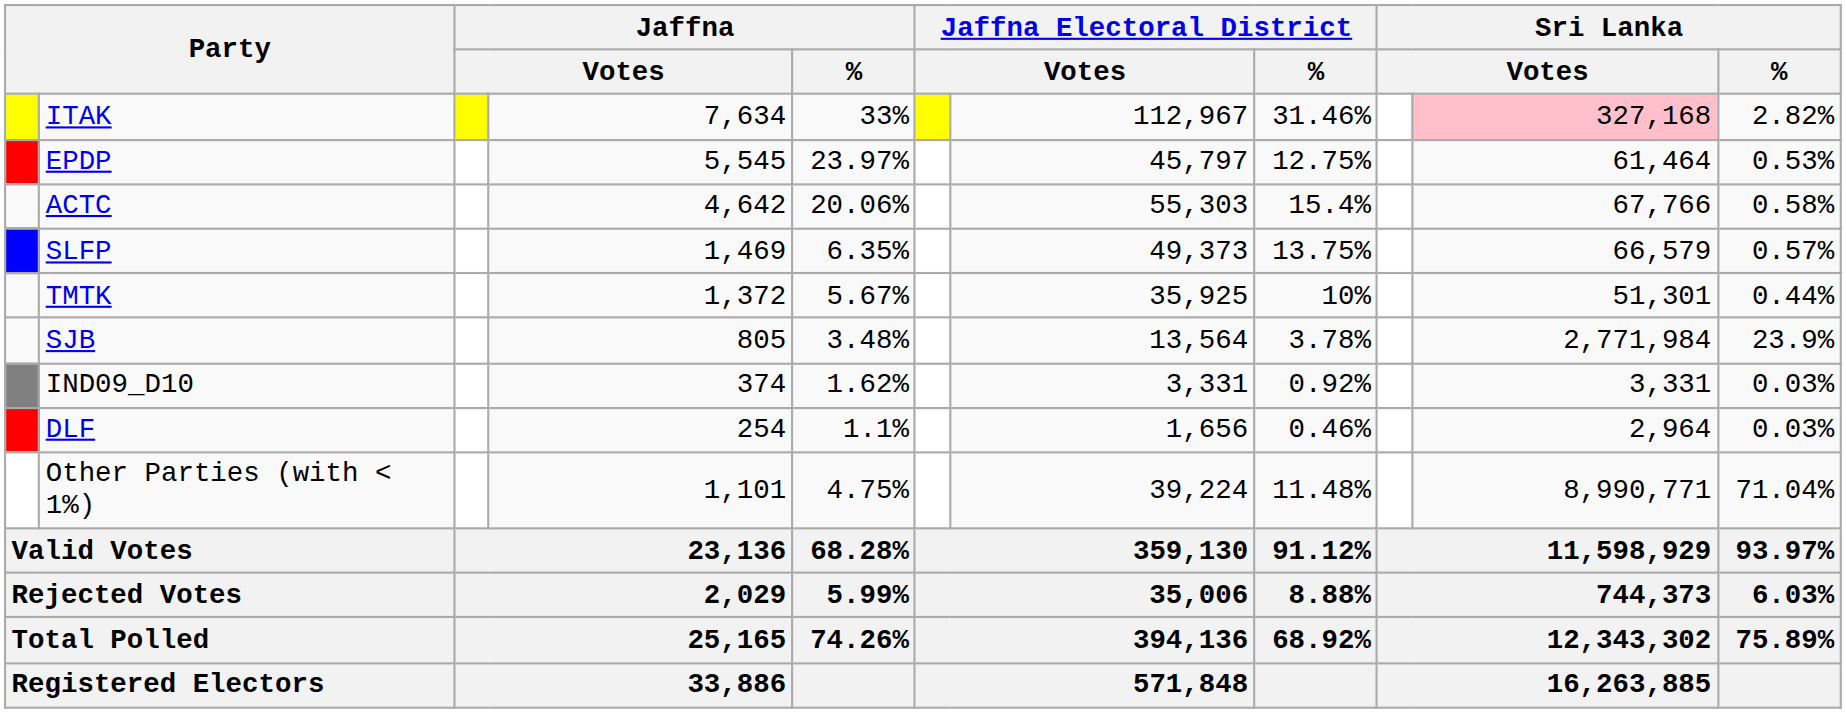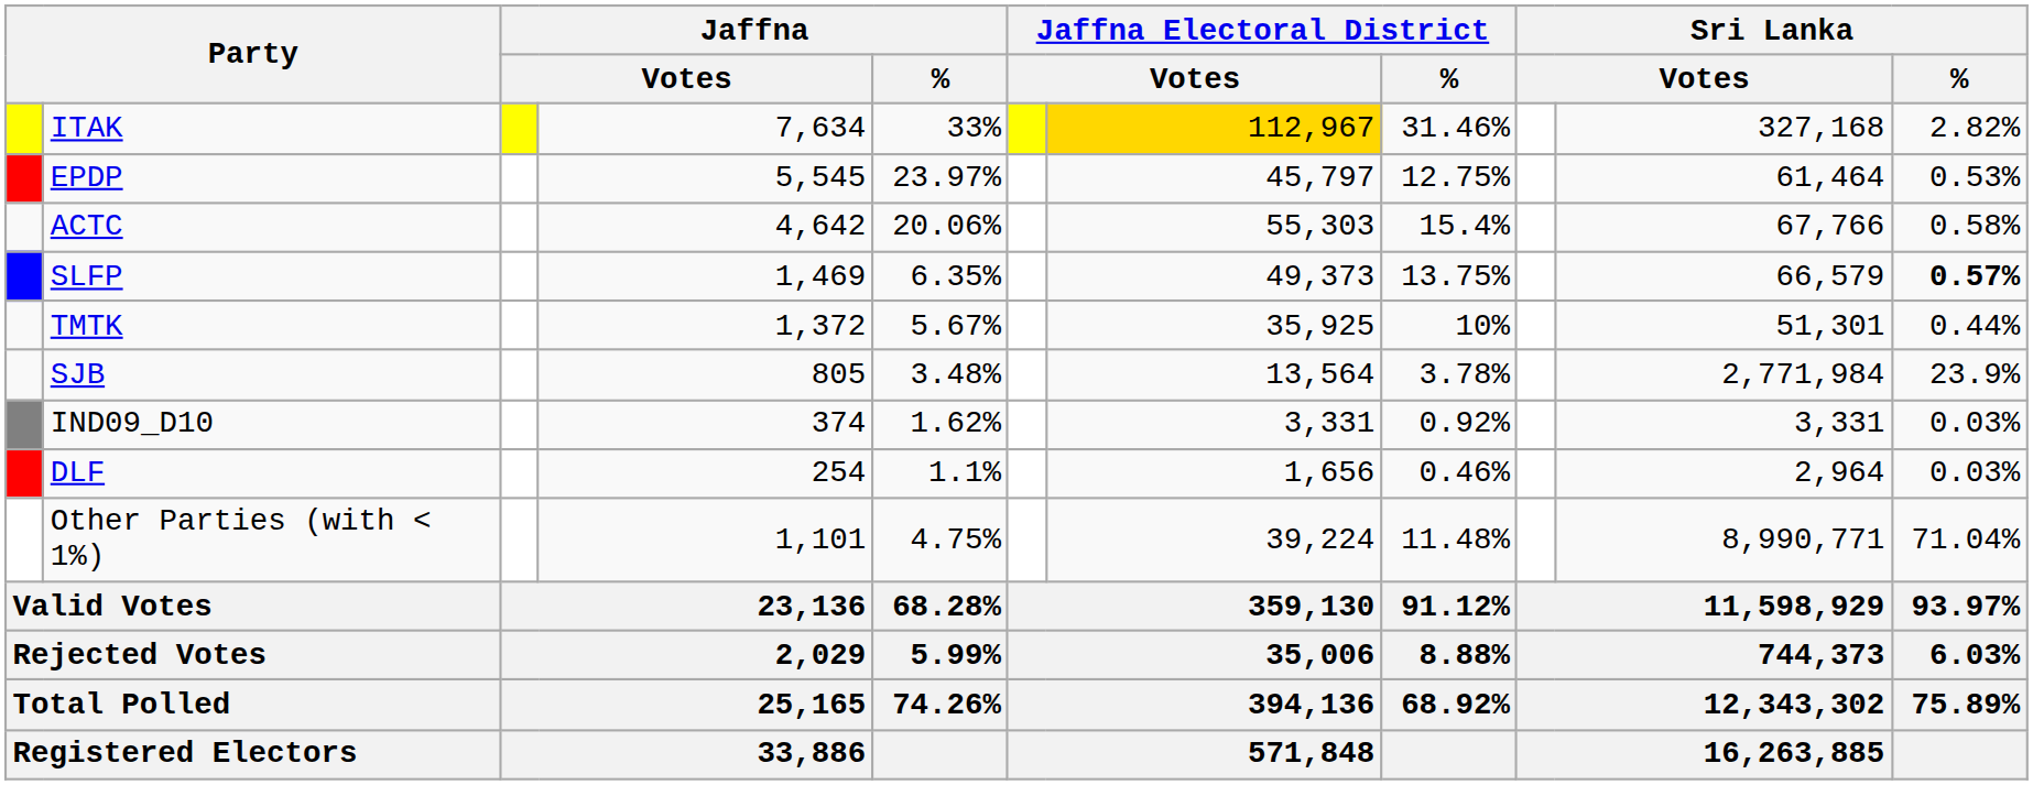 <table class="wikitable">
 <tr>
 <th colspan="2" width="144px"rowspan="2">Party</th>
 <th colspan="3" width="216px">Jaffna</th>
 <th colspan="3" width="216px"><a href='#'>Jaffna Electoral District</a></th>
 <th colspan="3" width="216px">Sri Lanka</th>
 </tr>
 <tr>
 <th colspan="2" width="144px">Votes</th>
 <th>%</th>
 <th colspan="2" width="144px">Votes</th>
 <th>%</th>
 <th colspan="2" width="144px">Votes</th>
 <th>%</th>
 </tr>
 <tr>
 <td style="background-color:yellow;" width="10px"></td>
 <td style="text-align:left;"><a href='#'>ITAK</a></td>
 <td style="background-color:yellow;" width="10px"></td>
 <td style="text-align:right;">7,634</td>
 <td style="text-align:right;">33%</td>
 <td style="background-color:yellow;" width="10px"></td>
-<td style="text-align:right;">112,967</td>
+<td style="background: gold; text-align:right;">112,967</td>
 <td style="text-align:right;">31.46%</td>
 <td style="background-color:white;" width="10px"></td>
-<td style="background: pink; text-align:right;">327,168</td>
+<td style="text-align:right;">327,168</td>
 <td style="text-align:right;">2.82%</td>
 </tr>
 <tr>
 <td style="background-color:red;" width="10px"></td>
 <td style="text-align:left;"><a href='#'>EPDP</a></td>
 <td style="background-color:white;" width="10px"></td>
 <td style="text-align:right;">5,545</td>
 <td style="text-align:right;">23.97%</td>
 <td style="background-color:white;" width="10px"></td>
 <td style="text-align:right;">45,797</td>
 <td style="text-align:right;">12.75%</td>
 <td style="background-color:white;" width="10px"></td>
 <td style="text-align:right;">61,464</td>
 <td style="text-align:right;">0.53%</td>
 </tr>
 <tr>
 <td style="background-color:"></td>
 <td style="text-align:left;"><a href='#'>ACTC</a></td>
 <td style="background-color:white;" width="10px"></td>
 <td style="text-align:right;">4,642</td>
 <td style="text-align:right;">20.06%</td>
 <td style="background-color:white;" width="10px"></td>
 <td style="text-align:right;">55,303</td>
 <td style="text-align:right;">15.4%</td>
 <td style="background-color:white;" width="10px"></td>
 <td style="text-align:right;">67,766</td>
 <td style="text-align:right;">0.58%</td>
 </tr>
 <tr>
 <td style="background-color:blue;" width="10px"></td>
 <td style="text-align:left;"><a href='#'>SLFP</a></td>
 <td style="background-color:white;" width="10px"></td>
 <td style="text-align:right;">1,469</td>
 <td style="text-align:right;">6.35%</td>
 <td style="background-color:white;" width="10px"></td>
 <td style="text-align:right;">49,373</td>
 <td style="text-align:right;">13.75%</td>
 <td style="background-color:white;" width="10px"></td>
 <td style="text-align:right;">66,579</td>
-<td style="text-align:right;">0.57%</td>
+<td style="text-align:right;"><strong>0.57%</strong></td>
 </tr>
 <tr>
 <td style="background-color:"></td>
 <td style="text-align:left;"><a href='#'>TMTK</a></td>
 <td style="background-color:white;" width="10px"></td>
 <td style="text-align:right;">1,372</td>
 <td style="text-align:right;">5.67%</td>
 <td style="background-color:white;" width="10px"></td>
 <td style="text-align:right;">35,925</td>
 <td style="text-align:right;">10%</td>
 <td style="background-color:white;" width="10px"></td>
 <td style="text-align:right;">51,301</td>
 <td style="text-align:right;">0.44%</td>
 </tr>
 <tr>
 <td style="background-color:"></td>
 <td style="text-align:left;"><a href='#'>SJB</a></td>
 <td style="background-color:white;" width="10px"></td>
 <td style="text-align:right;">805</td>
 <td style="text-align:right;">3.48%</td>
 <td style="background-color:white;" width="10px"></td>
 <td style="text-align:right;">13,564</td>
 <td style="text-align:right;">3.78%</td>
 <td style="background-color:white;" width="10px"></td>
 <td style="text-align:right;">2,771,984</td>
 <td style="text-align:right;">23.9%</td>
 </tr>
 <tr>
 <td style="background-color:grey;" width="10px"></td>
 <td style="text-align:left;">IND09_D10</td>
 <td style="background-color:white;" width="10px"></td>
 <td style="text-align:right;">374</td>
 <td style="text-align:right;">1.62%</td>
 <td style="background-color:white;" width="10px"></td>
 <td style="text-align:right;">3,331</td>
 <td style="text-align:right;">0.92%</td>
 <td style="background-color:white;" width="10px"></td>
 <td style="text-align:right;">3,331</td>
 <td style="text-align:right;">0.03%</td>
 </tr>
 <tr>
 <td style="background-color:#FF0000;" width="10px"></td>
 <td style="text-align:left;"><a href='#'>DLF</a></td>
 <td style="background-color:white;" width="10px"></td>
 <td style="text-align:right;">254</td>
 <td style="text-align:right;">1.1%</td>
 <td style="background-color:white;" width="10px"></td>
 <td style="text-align:right;">1,656</td>
 <td style="text-align:right;">0.46%</td>
 <td style="background-color:white;" width="10px"></td>
 <td style="text-align:right;">2,964</td>
 <td style="text-align:right;">0.03%</td>
 </tr>
 <tr>
 <td style="background-color:white;" width="10px"></td>
 <td style="text-align:left;">Other Parties (with < 1%)</td>
 <td style="background-color:white;" width="10px"></td>
 <td style="text-align:right;">1,101</td>
 <td style="text-align:right;">4.75%</td>
 <td style="background-color:white;" width="10px"></td>
 <td style="text-align:right;">39,224</td>
 <td style="text-align:right;">11.48%</td>
 <td style="background-color:white;" width="10px"></td>
 <td style="text-align:right;">8,990,771</td>
 <td style="text-align:right;">71.04%</td>
 </tr>
 <tr>
 <th colspan="2" width="144px"style="text-align:left;">Valid Votes</th>
 <th style="text-align:right;"colspan="2" width="144px">23,136</th>
 <th style="text-align:right;">68.28%</th>
 <th style="text-align:right;"colspan="2" width="144px">359,130</th>
 <th style="text-align:right;">91.12%</th>
 <th style="text-align:right;"colspan="2" width="144px">11,598,929</th>
 <th style="text-align:right;">93.97%</th>
 </tr>
 <tr>
 <th colspan="2" width="144px"style="text-align:left;">Rejected Votes</th>
 <th style="text-align:right;"colspan="2" width="144px">2,029</th>
 <th style="text-align:right;">5.99%</th>
 <th style="text-align:right;"colspan="2" width="144px">35,006</th>
 <th style="text-align:right;">8.88%</th>
 <th style="text-align:right;"colspan="2" width="144px">744,373</th>
 <th style="text-align:right;">6.03%</th>
 </tr>
 <tr>
 <th colspan="2" width="144px"style="text-align:left;">Total Polled</th>
 <th style="text-align:right;"colspan="2" width="144px">25,165</th>
 <th style="text-align:right;">74.26%</th>
 <th style="text-align:right;"colspan="2" width="144px">394,136</th>
 <th style="text-align:right;">68.92%</th>
 <th style="text-align:right;"colspan="2" width="144px">12,343,302</th>
 <th style="text-align:right;">75.89%</th>
 </tr>
 <tr>
 <th colspan="2" width="144px"style="text-align:left;">Registered Electors</th>
 <th style="text-align:right;"colspan="2" width="144px">33,886</th>
 <th></th>
 <th style="text-align:right;"colspan="2" width="144px">571,848</th>
 <th></th>
 <th style="text-align:right;"colspan="2" width="144px">16,263,885</th>
 <th></th>
 </tr>
 </table>
